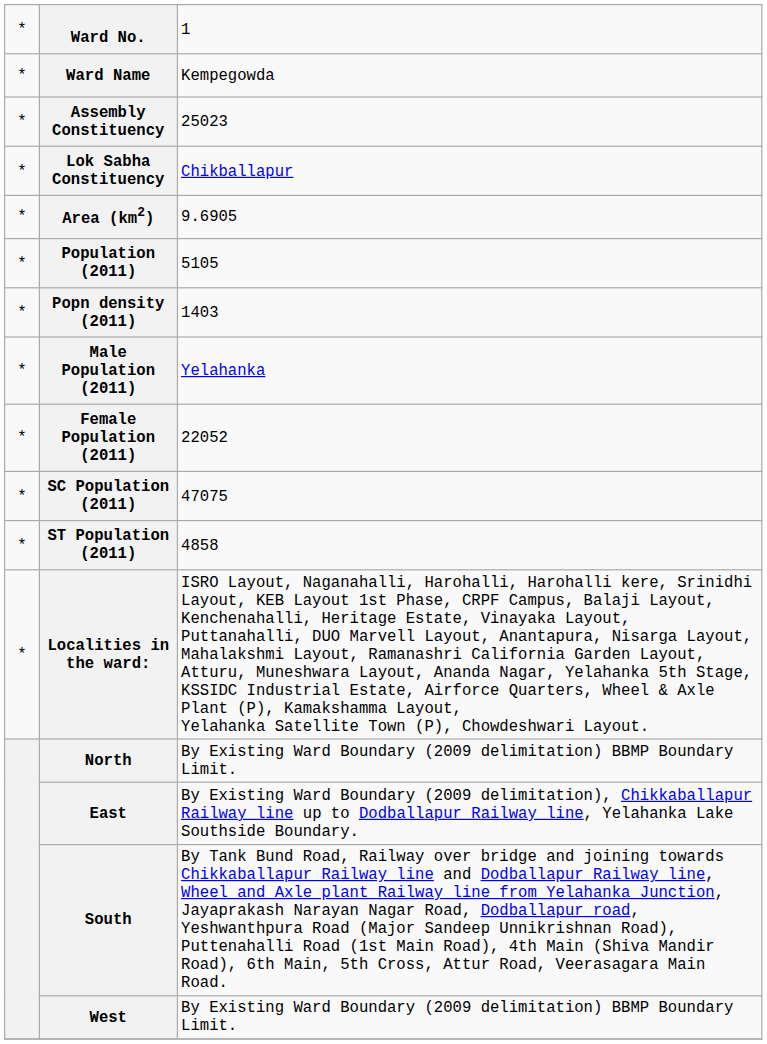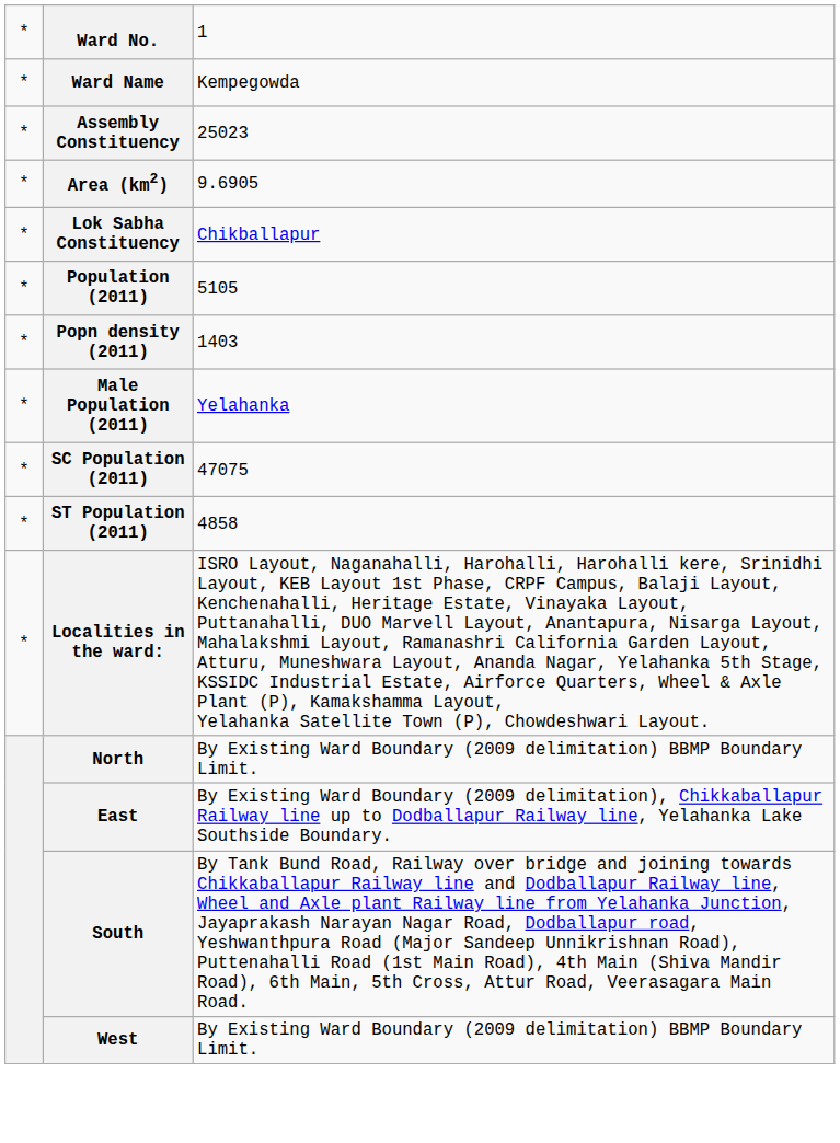 <table class="wikitable" style="width:50%">
 <tr>
 <td style="padding: 10px; font-family: monospace; font-size: 100%;">*</td>
 <th style="padding: 5px;"><br>Ward No.</th>
 <td>1</td>
 </tr>
 <tr>
 <td style="padding: 10px; font-family: monospace; font-size: 100%;">*</td>
 <th style="padding: 5px;">Ward Name</th>
 <td>Kempegowda</td>
 </tr>
 <tr>
 <td style="padding: 10px; font-family: monospace; font-size: 100%;">*</td>
 <th style="padding: 5px;">Assembly Constituency</th>
 <td>25023</td>
 </tr>
 <tr>
 <td style="padding: 10px; font-family: monospace; font-size: 100%;">*</td>
-<th style="padding: 5px;">Lok Sabha Constituency</th>
-<td><a href='#'>Chikballapur</a></td>
+<th style="padding: 5px;">Area (km<sup>2</sup>)</th>
+<td>9.6905</td>
 </tr>
 <tr>
 <td style="padding: 10px; font-family: monospace; font-size: 100%;">*</td>
-<th style="padding: 5px;">Area (km<sup>2</sup>)</th>
-<td>9.6905</td>
+<th style="padding: 5px;">Lok Sabha Constituency</th>
+<td><a href='#'>Chikballapur</a></td>
 </tr>
 <tr>
 <td style="padding: 10px; font-family: monospace; font-size: 100%;">*</td>
 <th style="padding: 5px;">Population (2011)</th>
 <td>5105</td>
 </tr>
 <tr>
 <td style="padding: 10px; font-family: monospace; font-size: 100%;">*</td>
 <th style="padding: 5px;">Popn density (2011)</th>
 <td>1403</td>
 </tr>
 <tr>
 <td style="padding: 10px; font-family: monospace; font-size: 100%;">*</td>
 <th style="padding: 5px;">Male Population (2011)</th>
 <td><a href='#'>Yelahanka</a></td>
-</tr>
-<tr>
-<td style="padding: 10px; font-family: monospace; font-size: 100%;">*</td>
-<th style="padding: 5px;">Female Population (2011)</th>
-<td>22052</td>
 </tr>
 <tr>
 <td style="padding: 10px; font-family: monospace; font-size: 100%;">*</td>
 <th style="padding: 5px;">SC Population (2011)</th>
 <td>47075</td>
 </tr>
 <tr>
 <td style="padding: 10px; font-family: monospace; font-size: 100%;">*</td>
 <th style="padding: 5px;">ST Population (2011)</th>
 <td>4858</td>
 </tr>
 <tr>
 <td style="padding: 10px; font-family: monospace; font-size: 100%;">*</td>
 <th style="padding: 5px;">Localities in the ward:</th>
 <td>ISRO Layout, Naganahalli, Harohalli, Harohalli kere, Srinidhi Layout, KEB Layout 1st Phase, CRPF Campus, Balaji Layout, Kenchenahalli, Heritage Estate, Vinayaka Layout, Puttanahalli, DUO Marvell Layout, Anantapura, Nisarga Layout, Mahalakshmi Layout, Ramanashri California Garden Layout, Atturu, Muneshwara Layout, Ananda Nagar, Yelahanka 5th Stage, KSSIDC Industrial Estate, Airforce Quarters, Wheel & Axle Plant (P), Kamakshamma Layout,<br>Yelahanka Satellite Town (P), Chowdeshwari Layout.</td>
 </tr>
 <tr>
 <th rowspan="4" style="padding: 2px; font-family: monospace; font-size: 120%;"></th>
 <th style="padding: 5px;">North</th>
 <td>By Existing Ward Boundary (2009 delimitation) BBMP Boundary Limit.</td>
 </tr>
 <tr>
 <th style="padding: 5px;">East</th>
 <td>By Existing Ward Boundary (2009 delimitation), <a href='#'>Chikkaballapur Railway line</a> up to <a href='#'>Dodballapur Railway line</a>, Yelahanka Lake Southside Boundary.</td>
 </tr>
 <tr>
 <th style="padding: 5px;">South</th>
 <td>By Tank Bund Road, Railway over bridge and joining towards <a href='#'>Chikkaballapur Railway line</a> and <a href='#'>Dodballapur Railway line</a>, <a href='#'>Wheel and Axle plant Railway line from Yelahanka Junction</a>, Jayaprakash Narayan Nagar Road, <a href='#'>Dodballapur road</a>, Yeshwanthpura Road (Major Sandeep Unnikrishnan Road), Puttenahalli Road (1st Main Road), 4th Main (Shiva Mandir Road), 6th Main, 5th Cross, Attur Road, Veerasagara Main Road.</td>
 </tr>
 <tr>
 <th style="padding: 5px;">West</th>
 <td>By Existing Ward Boundary (2009 delimitation) BBMP Boundary Limit.</td>
 </tr>
 <tr>
 </tr>
 </table>
